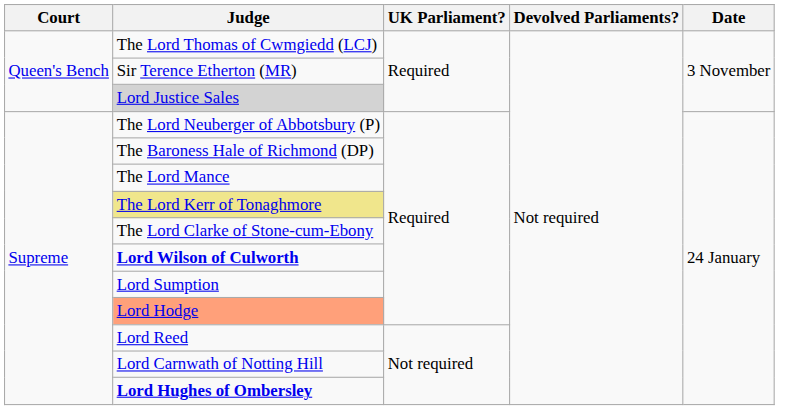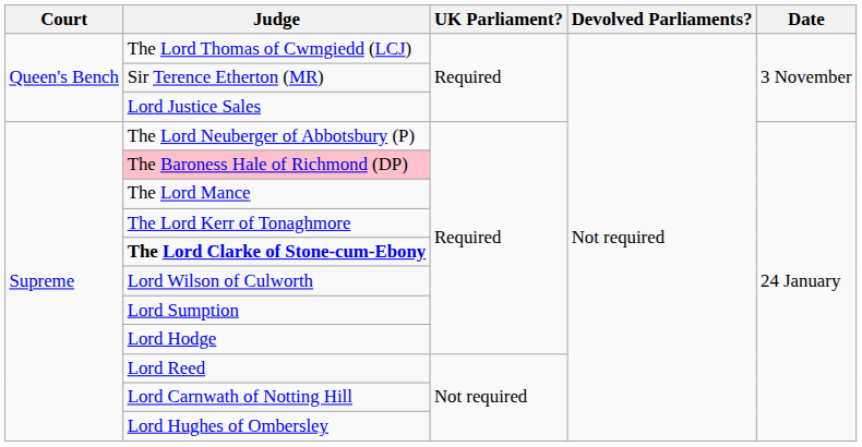 <table class="wikitable sortable">
 <tr>
 <th>Court</th>
 <th>Judge</th>
 <th>UK Parliament?</th>
 <th>Devolved Parliaments?</th>
 <th>Date</th>
 </tr>
 <tr>
 <td rowspan=3><a href='#'>Queen's Bench</a><br></td>
 <td>The <a href='#'>Lord Thomas of Cwmgiedd</a> (<a href='#'>LCJ</a>)</td>
 <td rowspan=3>Required</td>
 <td rowspan=14>Not required</td>
 <td rowspan=3>3 November</td>
 </tr>
 <tr>
 <td>Sir <a href='#'>Terence Etherton</a> (<a href='#'>MR</a>)</td>
 </tr>
 <tr>
-<td style="background: lightgrey;"><a href='#'>Lord Justice Sales</a></td>
+<td><a href='#'>Lord Justice Sales</a></td>
 </tr>
 <tr>
 <td rowspan=11><a href='#'>Supreme</a><br></td>
 <td>The <a href='#'>Lord Neuberger of Abbotsbury</a> (P)</td>
 <td rowspan=8>Required</td>
 <td rowspan=11>24 January</td>
 </tr>
 <tr>
-<td>The <a href='#'>Baroness Hale of Richmond</a> (DP)</td>
+<td style="background: pink;">The <a href='#'>Baroness Hale of Richmond</a> (DP)</td>
 </tr>
 <tr>
 <td>The <a href='#'>Lord Mance</a></td>
 </tr>
 <tr>
-<td style="background: khaki;"><a href='#'>The Lord Kerr of Tonaghmore</a></td>
+<td><a href='#'>The Lord Kerr of Tonaghmore</a></td>
 </tr>
 <tr>
-<td>The <a href='#'>Lord Clarke of Stone-cum-Ebony</a></td>
+<td><strong>The <a href='#'>Lord Clarke of Stone-cum-Ebony</a></strong></td>
 </tr>
 <tr>
-<td><strong><a href='#'>Lord Wilson of Culworth</a></strong></td>
+<td><a href='#'>Lord Wilson of Culworth</a></td>
 </tr>
 <tr>
 <td><a href='#'>Lord Sumption</a></td>
 </tr>
 <tr>
-<td style="background: lightsalmon;"><a href='#'>Lord Hodge</a></td>
+<td><a href='#'>Lord Hodge</a></td>
 </tr>
 <tr>
 <td><a href='#'>Lord Reed</a></td>
 <td rowspan=3>Not required</td>
 </tr>
 <tr>
 <td><a href='#'>Lord Carnwath of Notting Hill</a></td>
 </tr>
 <tr>
-<td><strong><a href='#'>Lord Hughes of Ombersley</a></strong></td>
+<td><a href='#'>Lord Hughes of Ombersley</a></td>
 </tr>
 </table>
